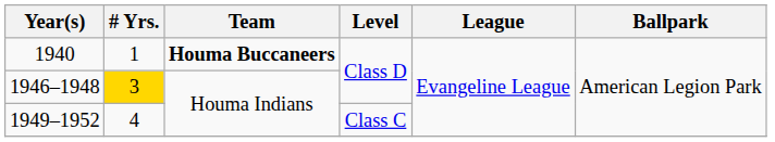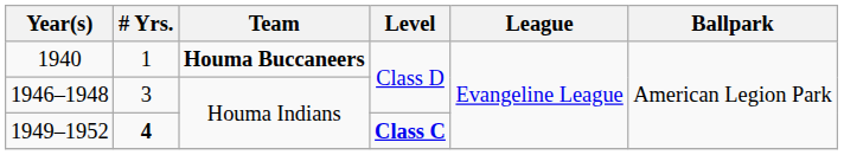 <table class="wikitable" style="text-align:center; font-size: 95%;">
 <tr>
 <th>Year(s)</th>
 <th># Yrs.</th>
 <th>Team</th>
 <th>Level</th>
 <th>League</th>
 <th>Ballpark</th>
 </tr>
 <tr>
 <td>1940</td>
 <td>1</td>
 <td><strong>Houma Buccaneers</strong></td>
 <td rowspan=2><a href='#'>Class D</a></td>
 <td rowspan=3><a href='#'>Evangeline League</a></td>
 <td rowspan=3>American Legion Park</td>
 </tr>
 <tr>
 <td>1946–1948</td>
-<td style="background: gold;">3</td>
+<td>3</td>
 <td rowspan=2>Houma Indians</td>
 </tr>
 <tr>
 <td>1949–1952</td>
-<td>4</td>
-<td><a href='#'>Class C</a></td>
+<td><strong>4</strong></td>
+<td><strong><a href='#'>Class C</a></strong></td>
 </tr>
 <tr>
 </tr>
 </table>
